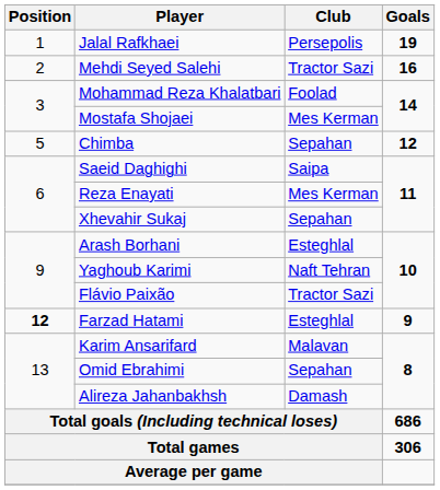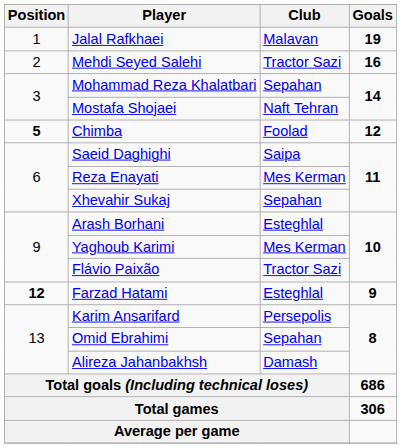 <table class="wikitable">
 <tr>
 <th>Position</th>
 <th>Player</th>
 <th>Club</th>
 <th>Goals</th>
 </tr>
 <tr>
 <td align="center">1</td>
 <td> <a href='#'>Jalal Rafkhaei</a></td>
-<td><a href='#'>Persepolis</a></td>
+<td><a href='#'>Malavan</a></td>
 <td align="center"><strong>19</strong></td>
 </tr>
 <tr>
 <td align="center">2</td>
 <td> <a href='#'>Mehdi Seyed Salehi</a></td>
 <td><a href='#'>Tractor Sazi</a></td>
 <td align="center"><strong>16</strong></td>
 </tr>
 <tr>
 <td rowspan=2 align="center">3</td>
 <td> <a href='#'>Mohammad Reza Khalatbari</a></td>
-<td><a href='#'>Foolad</a></td>
+<td><a href='#'>Sepahan</a></td>
 <td rowspan=2 align="center"><strong>14</strong></td>
 </tr>
 <tr>
 <td> <a href='#'>Mostafa Shojaei</a></td>
-<td><a href='#'>Mes Kerman</a></td>
+<td><a href='#'>Naft Tehran</a></td>
 </tr>
 <tr>
-<td align="center">5</td>
+<td align="center"><strong>5</strong></td>
 <td> <a href='#'>Chimba</a></td>
-<td><a href='#'>Sepahan</a></td>
+<td><a href='#'>Foolad</a></td>
 <td align="center"><strong>12</strong></td>
 </tr>
 <tr>
 <td rowspan=3 align="center">6</td>
 <td> <a href='#'>Saeid Daghighi</a></td>
 <td><a href='#'>Saipa</a></td>
 <td rowspan=3 align="center"><strong>11</strong></td>
 </tr>
 <tr>
 <td> <a href='#'>Reza Enayati</a></td>
 <td><a href='#'>Mes Kerman</a></td>
 </tr>
 <tr>
 <td> <a href='#'>Xhevahir Sukaj</a></td>
 <td><a href='#'>Sepahan</a></td>
 </tr>
 <tr>
 <td rowspan=3 align="center">9</td>
 <td> <a href='#'>Arash Borhani</a></td>
 <td><a href='#'>Esteghlal</a></td>
 <td rowspan=3 align="center"><strong>10</strong></td>
 </tr>
 <tr>
 <td> <a href='#'>Yaghoub Karimi</a></td>
-<td><a href='#'>Naft Tehran</a></td>
+<td><a href='#'>Mes Kerman</a></td>
 </tr>
 <tr>
 <td> <a href='#'>Flávio Paixão</a></td>
 <td><a href='#'>Tractor Sazi</a></td>
 </tr>
 <tr>
 <td align="center"><strong>12</strong></td>
 <td> <a href='#'>Farzad Hatami</a></td>
 <td><a href='#'>Esteghlal</a></td>
 <td align="center"><strong>9</strong></td>
 </tr>
 <tr>
 <td rowspan=3 align="center">13</td>
 <td> <a href='#'>Karim Ansarifard</a></td>
-<td><a href='#'>Malavan</a></td>
+<td><a href='#'>Persepolis</a></td>
 <td rowspan=3 align="center"><strong>8</strong></td>
 </tr>
 <tr>
 <td> <a href='#'>Omid Ebrahimi</a></td>
 <td><a href='#'>Sepahan</a></td>
 </tr>
 <tr>
 <td> <a href='#'>Alireza Jahanbakhsh</a></td>
 <td><a href='#'>Damash</a></td>
 </tr>
 <tr align="center">
 <th colspan=3 align=center>Total goals <em>(Including technical loses)</em></th>
 <td align="center"><strong>686</strong></td>
 </tr>
 <tr align="center">
 <th colspan=3 align=center>Total games</th>
 <td align=center><strong>306</strong></td>
 </tr>
 <tr align="center">
 <th colspan=3 align=center>Average per game</th>
 <td align="center"><strong></strong></td>
 </tr>
 <tr>
 </tr>
 </table>
